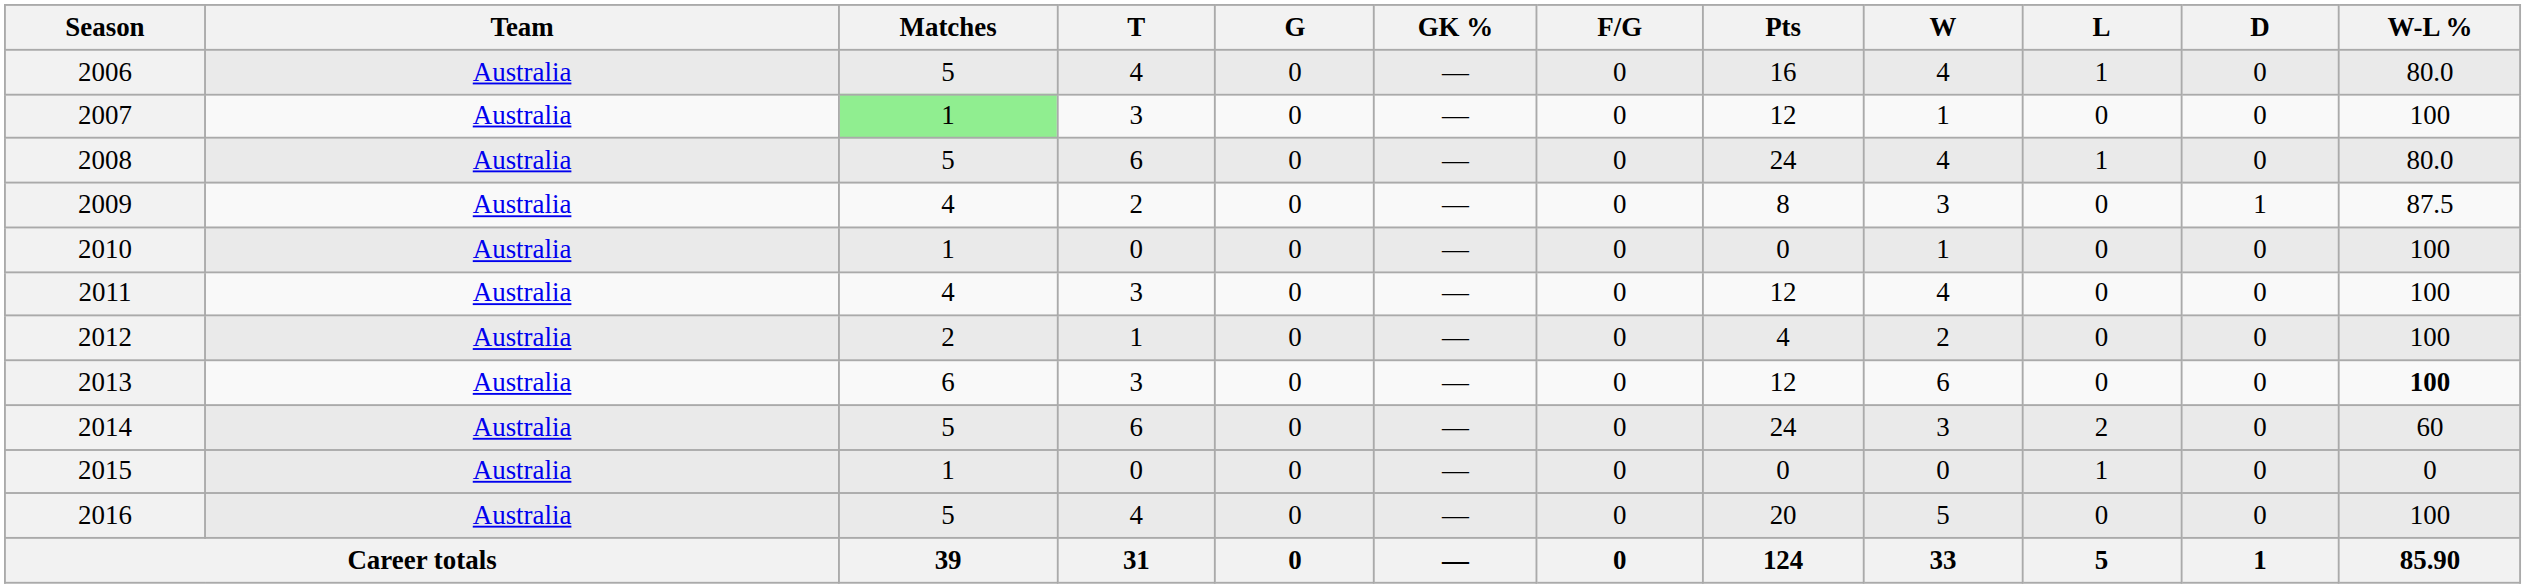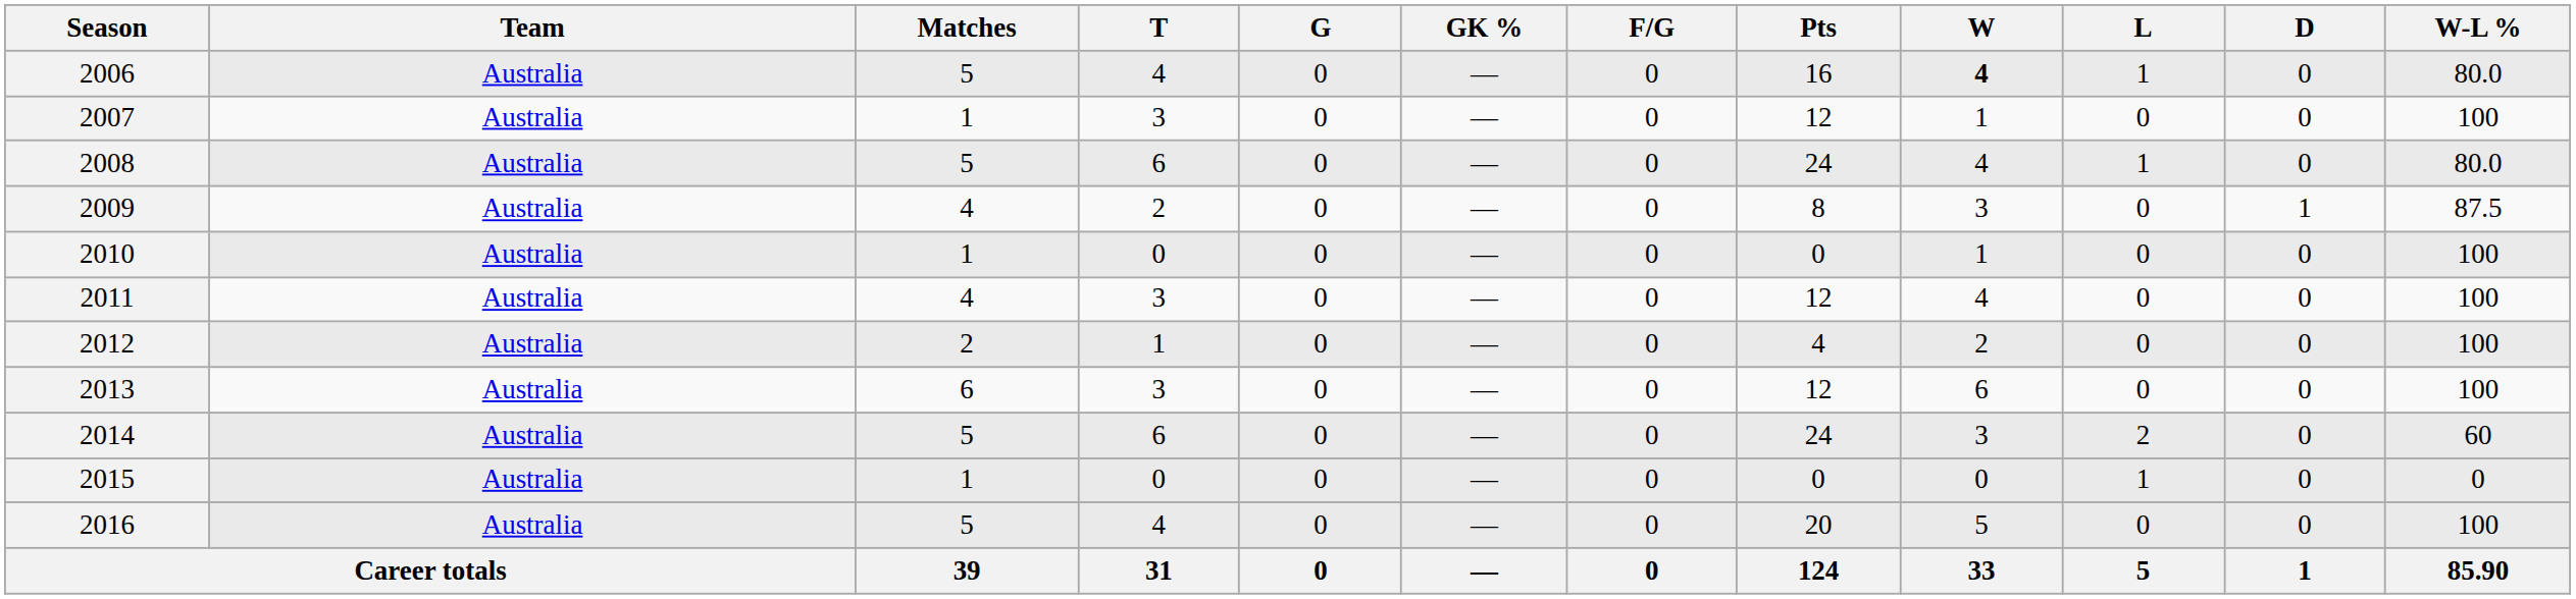 <table class="wikitable sortable"  style="font-size:90%; text-align:center; width:85%;">
 <tr>
 <th width=2%>Season</th>
 <th width=8%>Team</th>
 <th width=2%>Matches</th>
 <th width=2%>T</th>
 <th width=2%>G</th>
 <th width=2%>GK %</th>
 <th width=2%>F/G</th>
 <th width=2%>Pts</th>
 <th width=2%>W</th>
 <th width=2%>L</th>
 <th width=2%>D</th>
 <th width=2%>W-L %</th>
 </tr>
 <tr style="background:#eaeaea;">
 <th scope="row" style="text-align:center; font-weight:normal">2006</th>
 <td style="text-align:center;"><a href='#'>Australia</a></td>
 <td>5</td>
 <td>4</td>
 <td>0</td>
 <td>—</td>
 <td>0</td>
 <td>16</td>
-<td>4</td>
+<td><strong>4</strong></td>
 <td>1</td>
 <td>0</td>
 <td>80.0</td>
 </tr>
 <tr>
 <th scope="row" style="text-align:center; font-weight:normal">2007</th>
 <td style="text-align:center;"><a href='#'>Australia</a></td>
-<td style="background: lightgreen;">1</td>
+<td>1</td>
 <td>3</td>
 <td>0</td>
 <td>—</td>
 <td>0</td>
 <td>12</td>
 <td>1</td>
 <td>0</td>
 <td>0</td>
 <td>100</td>
 </tr>
 <tr style="background:#eaeaea;">
 <th scope="row" style="text-align:center; font-weight:normal">2008</th>
 <td style="text-align:center;"><a href='#'>Australia</a></td>
 <td>5</td>
 <td>6</td>
 <td>0</td>
 <td>—</td>
 <td>0</td>
 <td>24</td>
 <td>4</td>
 <td>1</td>
 <td>0</td>
 <td>80.0</td>
 </tr>
 <tr>
 <th scope="row" style="text-align:center; font-weight:normal">2009</th>
 <td style="text-align:center;"><a href='#'>Australia</a></td>
 <td>4</td>
 <td>2</td>
 <td>0</td>
 <td>—</td>
 <td>0</td>
 <td>8</td>
 <td>3</td>
 <td>0</td>
 <td>1</td>
 <td>87.5</td>
 </tr>
 <tr style="background:#eaeaea;">
 <th scope="row" style="text-align:center; font-weight:normal">2010</th>
 <td style="text-align:center;"><a href='#'>Australia</a></td>
 <td>1</td>
 <td>0</td>
 <td>0</td>
 <td>—</td>
 <td>0</td>
 <td>0</td>
 <td>1</td>
 <td>0</td>
 <td>0</td>
 <td>100</td>
 </tr>
 <tr>
 <th scope="row" style="text-align:center; font-weight:normal">2011</th>
 <td style="text-align:center;"><a href='#'>Australia</a></td>
 <td>4</td>
 <td>3</td>
 <td>0</td>
 <td>—</td>
 <td>0</td>
 <td>12</td>
 <td>4</td>
 <td>0</td>
 <td>0</td>
 <td>100</td>
 </tr>
 <tr style="background:#eaeaea;">
 <th scope="row" style="text-align:center; font-weight:normal">2012</th>
 <td style="text-align:center;"><a href='#'>Australia</a></td>
 <td>2</td>
 <td>1</td>
 <td>0</td>
 <td>—</td>
 <td>0</td>
 <td>4</td>
 <td>2</td>
 <td>0</td>
 <td>0</td>
 <td>100</td>
 </tr>
 <tr>
 <th scope="row" style="text-align:center; font-weight:normal">2013</th>
 <td style="text-align:center;"><a href='#'>Australia</a></td>
 <td>6</td>
 <td>3</td>
 <td>0</td>
 <td>—</td>
 <td>0</td>
 <td>12</td>
 <td>6</td>
 <td>0</td>
 <td>0</td>
-<td><strong>100</strong></td>
+<td>100</td>
 </tr>
 <tr style="background:#eaeaea;">
 <th scope="row" style="text-align:center; font-weight:normal">2014</th>
 <td style="text-align:center;"><a href='#'>Australia</a></td>
 <td>5</td>
 <td>6</td>
 <td>0</td>
 <td>—</td>
 <td>0</td>
 <td>24</td>
 <td>3</td>
 <td>2</td>
 <td>0</td>
 <td>60</td>
 </tr>
 <tr style="background:#eaeaea;">
 <th scope="row" style="text-align:center; font-weight:normal">2015</th>
 <td style="text-align:center;"><a href='#'>Australia</a></td>
 <td>1</td>
 <td>0</td>
 <td>0</td>
 <td>—</td>
 <td>0</td>
 <td>0</td>
 <td>0</td>
 <td>1</td>
 <td>0</td>
 <td>0</td>
 </tr>
 <tr style="background:#eaeaea;">
 <th scope="row" style="text-align:center; font-weight:normal">2016</th>
 <td style="text-align:center;"><a href='#'>Australia</a></td>
 <td>5</td>
 <td>4</td>
 <td>0</td>
 <td>—</td>
 <td>0</td>
 <td>20</td>
 <td>5</td>
 <td>0</td>
 <td>0</td>
 <td>100</td>
 </tr>
 <tr class="sortbottom">
 <th colspan=2>Career totals</th>
 <th>39</th>
 <th>31</th>
 <th>0</th>
 <th>—</th>
 <th>0</th>
 <th>124</th>
 <th>33</th>
 <th>5</th>
 <th>1</th>
 <th>85.90</th>
 </tr>
 </table>
